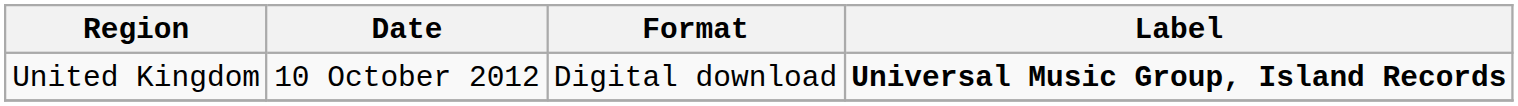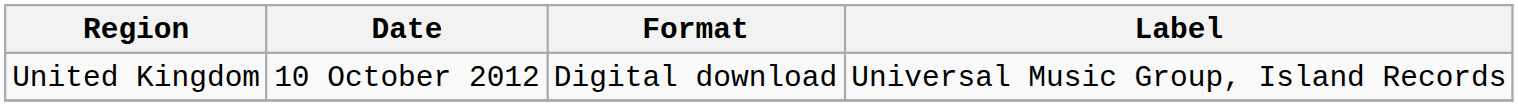 <table class=wikitable>
 <tr>
 <th>Region</th>
 <th>Date</th>
 <th>Format</th>
 <th>Label</th>
 </tr>
 <tr>
 <td>United Kingdom</td>
 <td>10 October 2012</td>
 <td>Digital download</td>
-<td><strong>Universal Music Group, Island Records</strong></td>
+<td>Universal Music Group, Island Records</td>
 </tr>
 <tr>
 </tr>
 </table>
